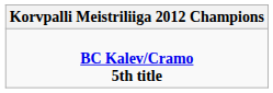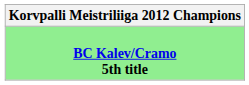 <table class=wikitable style="text-align:center; margin:auto">
 <tr>
 <th>Korvpalli Meistriliiga 2012 Champions</th>
 </tr>
 <tr>
-<td><br> <strong><a href='#'>BC Kalev/Cramo</a></strong> <br> <strong>5th title</strong></td>
+<td style="background: lightgreen;"><br> <strong><a href='#'>BC Kalev/Cramo</a></strong> <br> <strong>5th title</strong></td>
 </tr>
 </table>
